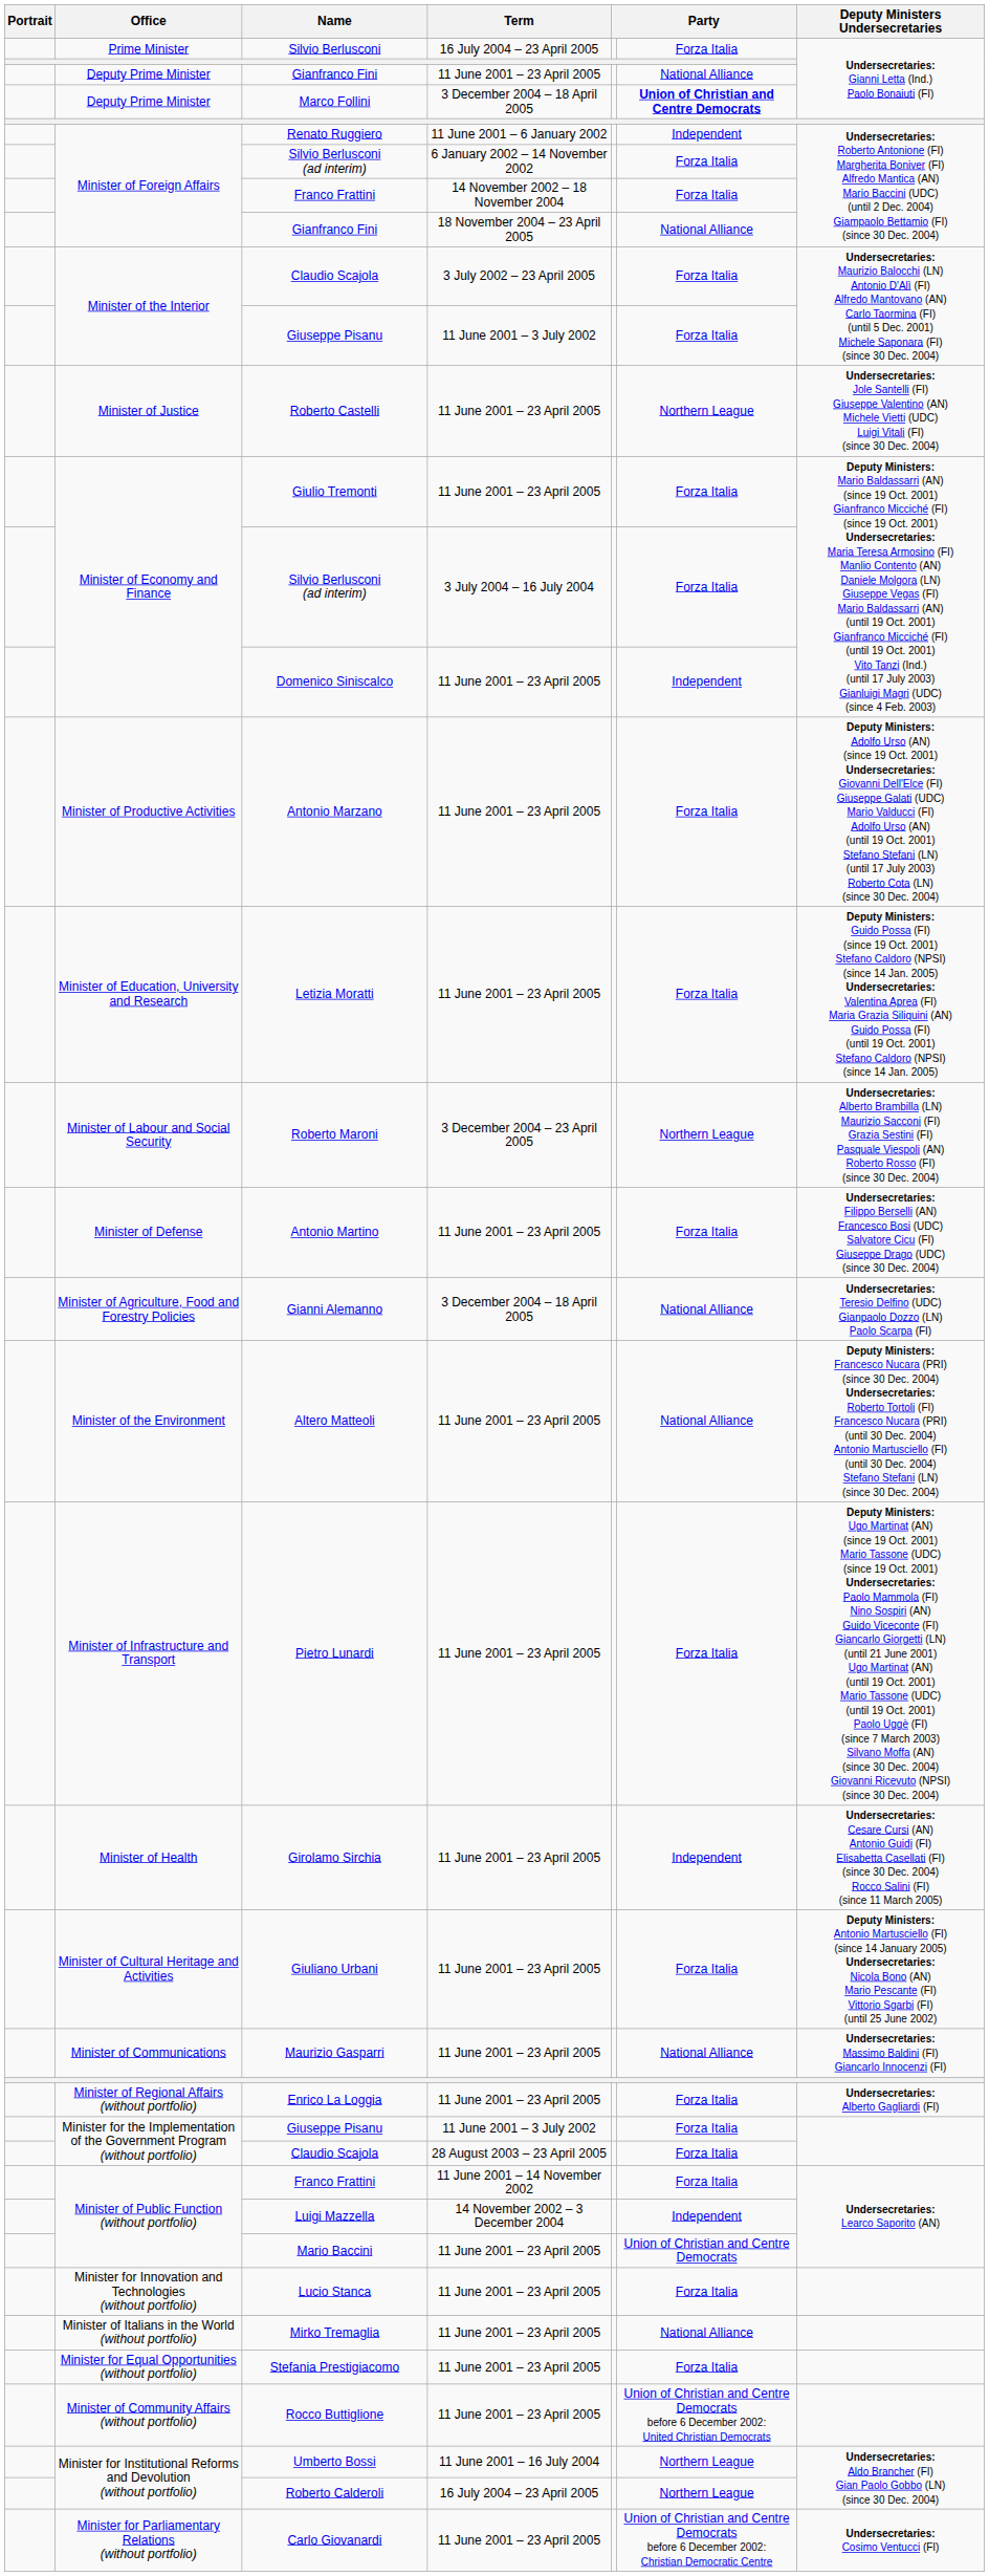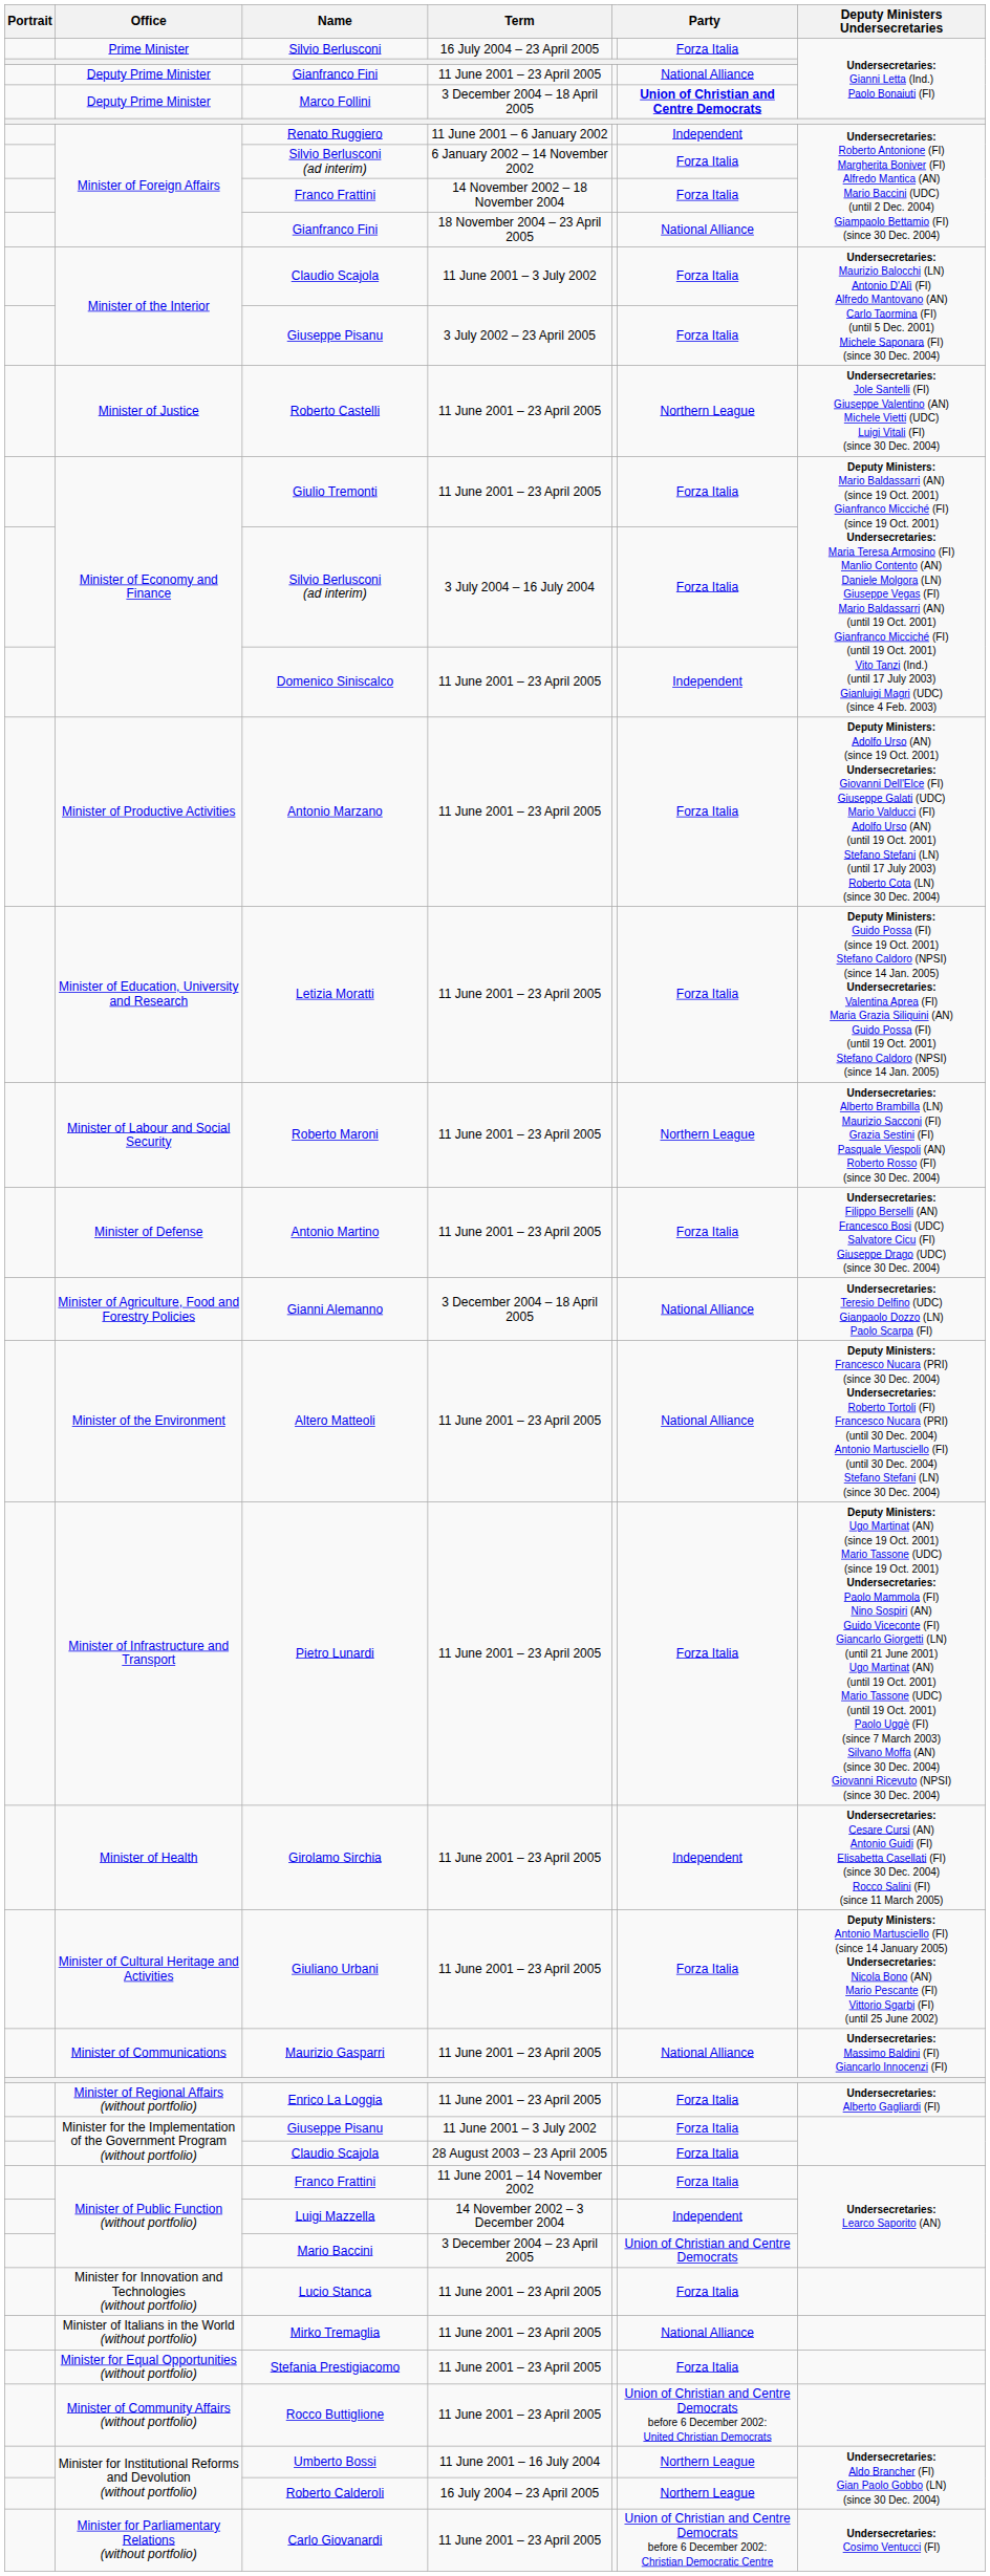 <table class="wikitable" style="text-align:center">
 <tr>
 <th>Portrait</th>
 <th width=20%>Office</th>
 <th width=20%>Name</th>
 <th width=20%>Term</th>
 <th width=20% colspan=2>Party</th>
 <th width=20%>Deputy Ministers<br>Undersecretaries</th>
 </tr>
 <tr>
 <td></td>
 <td><a href='#'>Prime Minister</a></td>
 <td><a href='#'>Silvio Berlusconi</a></td>
 <td>16 July 2004 – 23 April 2005</td>
 <td style="width:1px;; background:"></td>
 <td><a href='#'>Forza Italia</a></td>
 <td rowspan="4"><small><strong>Undersecretaries:</strong> <br><a href='#'>Gianni Letta</a> (Ind.) <br><a href='#'>Paolo Bonaiuti</a> (FI)</small></td>
 </tr>
 <tr>
 <th colspan="6"></th>
 </tr>
 <tr>
 <td></td>
 <td><a href='#'>Deputy Prime Minister</a></td>
 <td><a href='#'>Gianfranco Fini</a></td>
 <td>11 June 2001 – 23 April 2005</td>
 <td style="width:1px;; background:"></td>
 <td><a href='#'>National Alliance</a></td>
 </tr>
 <tr>
 <td></td>
 <td><a href='#'>Deputy Prime Minister</a></td>
 <td><a href='#'>Marco Follini</a></td>
 <td>3 December 2004 – 18 April 2005</td>
 <td style="width:1px;; background:"></td>
 <td><strong><a href='#'>Union of Christian and Centre Democrats</a></strong></td>
 </tr>
 <tr>
 <th colspan="7"></th>
 </tr>
 <tr>
 <td></td>
 <td rowspan=4><a href='#'>Minister of Foreign Affairs</a></td>
 <td><a href='#'>Renato Ruggiero</a></td>
 <td>11 June 2001 – 6 January 2002</td>
 <td style="width:1px;; background:"></td>
 <td><a href='#'>Independent</a></td>
 <td rowspan=4><small><strong>Undersecretaries:</strong> <br><a href='#'>Roberto Antonione</a> (FI)<br> <a href='#'>Margherita Boniver</a> (FI)<br> <a href='#'>Alfredo Mantica</a> (AN)<br> <a href='#'>Mario Baccini</a> (UDC)<br>(until 2 Dec. 2004)<br> <a href='#'>Giampaolo Bettamio</a> (FI)<br>(since 30 Dec. 2004)</small></td>
 </tr>
 <tr>
 <td></td>
 <td><a href='#'>Silvio Berlusconi</a><br><em>(ad interim)</em></td>
 <td>6 January 2002 – 14 November 2002</td>
 <td style="width:1px;; background:"></td>
 <td><a href='#'>Forza Italia</a></td>
 </tr>
 <tr>
 <td></td>
 <td><a href='#'>Franco Frattini</a></td>
 <td>14 November 2002 – 18 November 2004</td>
 <td style="width:1px;; background:"></td>
 <td><a href='#'>Forza Italia</a></td>
 </tr>
 <tr>
 <td></td>
 <td><a href='#'>Gianfranco Fini</a></td>
 <td>18 November 2004 – 23 April 2005</td>
 <td style="width:1px;; background:"></td>
 <td><a href='#'>National Alliance</a></td>
 </tr>
 <tr>
 <td></td>
 <td rowspan=2><a href='#'>Minister of the Interior</a></td>
 <td><a href='#'>Claudio Scajola</a></td>
-<td>3 July 2002 – 23 April 2005</td>
+<td>11 June 2001 – 3 July 2002</td>
 <td style="width:1px;; background:"></td>
 <td><a href='#'>Forza Italia</a></td>
 <td rowspan=2><small><strong>Undersecretaries:</strong> <br><a href='#'>Maurizio Balocchi</a> (LN)<br> <a href='#'>Antonio D'Alì</a> (FI)<br> <a href='#'>Alfredo Mantovano</a> (AN)<br> <a href='#'>Carlo Taormina</a> (FI)<br>(until 5 Dec. 2001)<br> <a href='#'>Michele Saponara</a> (FI)<br>(since 30 Dec. 2004)</small></td>
 </tr>
 <tr>
 <td></td>
 <td><a href='#'>Giuseppe Pisanu</a></td>
-<td>11 June 2001 – 3 July 2002</td>
+<td>3 July 2002 – 23 April 2005</td>
 <td style="width:1px;; background:"></td>
 <td><a href='#'>Forza Italia</a></td>
 </tr>
 <tr>
 <td></td>
 <td><a href='#'>Minister of Justice</a></td>
 <td><a href='#'>Roberto Castelli</a></td>
 <td>11 June 2001 – 23 April 2005</td>
 <td style="width:1px;; background:"></td>
 <td><a href='#'>Northern League</a></td>
 <td><small><strong>Undersecretaries:</strong> <br><a href='#'>Jole Santelli</a> (FI)<br> <a href='#'>Giuseppe Valentino</a> (AN)<br> <a href='#'>Michele Vietti</a> (UDC)<br> <a href='#'>Luigi Vitali</a> (FI)<br>(since 30 Dec. 2004)</small></td>
 </tr>
 <tr>
 <td></td>
 <td rowspan=3><a href='#'>Minister of Economy and Finance</a></td>
 <td><a href='#'>Giulio Tremonti</a></td>
 <td>11 June 2001 – 23 April 2005</td>
 <td style="width:1px;; background:"></td>
 <td><a href='#'>Forza Italia</a></td>
 <td rowspan=3><small><strong>Deputy Ministers:</strong> <br><a href='#'>Mario Baldassarri</a> (AN)<br>(since 19 Oct. 2001)<br> <a href='#'>Gianfranco Micciché</a> (FI)<br>(since 19 Oct. 2001)<br><strong>Undersecretaries:</strong> <br><a href='#'>Maria Teresa Armosino</a> (FI)<br> <a href='#'>Manlio Contento</a> (AN)<br> <a href='#'>Daniele Molgora</a> (LN)<br> <a href='#'>Giuseppe Vegas</a> (FI)<br><a href='#'>Mario Baldassarri</a> (AN)<br>(until 19 Oct. 2001)<br> <a href='#'>Gianfranco Micciché</a> (FI)<br>(until 19 Oct. 2001)<br> <a href='#'>Vito Tanzi</a> (Ind.)<br>(until 17 July 2003)<br> <a href='#'>Gianluigi Magri</a> (UDC)<br>(since 4 Feb. 2003)</small></td>
 </tr>
 <tr>
 <td></td>
 <td><a href='#'>Silvio Berlusconi</a><br><em>(ad interim)</em></td>
 <td>3 July 2004 – 16 July 2004</td>
 <td style="width:1px;; background:"></td>
 <td><a href='#'>Forza Italia</a></td>
 </tr>
 <tr>
 <td></td>
 <td><a href='#'>Domenico Siniscalco</a></td>
 <td>11 June 2001 – 23 April 2005</td>
 <td style="width:1px;; background:"></td>
 <td><a href='#'>Independent</a></td>
 </tr>
 <tr>
 <td></td>
 <td><a href='#'>Minister of Productive Activities</a></td>
 <td><a href='#'>Antonio Marzano</a></td>
 <td>11 June 2001 – 23 April 2005</td>
 <td style="width:1px;; background:"></td>
 <td><a href='#'>Forza Italia</a></td>
 <td><small><strong>Deputy Ministers:</strong> <br><a href='#'>Adolfo Urso</a> (AN)<br>(since 19 Oct. 2001)<br><strong>Undersecretaries:</strong> <br><a href='#'>Giovanni Dell'Elce</a> (FI)<br> <a href='#'>Giuseppe Galati</a> (UDC)<br> <a href='#'>Mario Valducci</a> (FI)<br><a href='#'>Adolfo Urso</a> (AN)<br>(until 19 Oct. 2001)<br> <a href='#'>Stefano Stefani</a> (LN)<br>(until 17 July 2003)<br> <a href='#'>Roberto Cota</a> (LN)<br>(since 30 Dec. 2004)</small></td>
 </tr>
 <tr>
 <td></td>
 <td><a href='#'>Minister of Education, University and Research</a></td>
 <td><a href='#'>Letizia Moratti</a></td>
 <td>11 June 2001 – 23 April 2005</td>
 <td style="width:1px;; background:"></td>
 <td><a href='#'>Forza Italia</a></td>
 <td><small><strong>Deputy Ministers:</strong> <br><a href='#'>Guido Possa</a> (FI)<br>(since 19 Oct. 2001)<br> <a href='#'>Stefano Caldoro</a> (NPSI)<br>(since 14 Jan. 2005)<br><strong>Undersecretaries:</strong> <br><a href='#'>Valentina Aprea</a> (FI)<br> <a href='#'>Maria Grazia Siliquini</a> (AN)<br> <a href='#'>Guido Possa</a> (FI)<br>(until 19 Oct. 2001)<br> <a href='#'>Stefano Caldoro</a> (NPSI)<br>(since 14 Jan. 2005)</small></td>
 </tr>
 <tr>
 <td></td>
 <td><a href='#'>Minister of Labour and Social Security</a></td>
 <td><a href='#'>Roberto Maroni</a></td>
-<td>3 December 2004 – 23 April 2005</td>
+<td>11 June 2001 – 23 April 2005</td>
 <td style="width:1px;; background:"></td>
 <td><a href='#'>Northern League</a></td>
 <td><small><strong>Undersecretaries:</strong> <br><a href='#'>Alberto Brambilla</a> (LN)<br> <a href='#'>Maurizio Sacconi</a> (FI)<br> <a href='#'>Grazia Sestini</a> (FI)<br> <a href='#'>Pasquale Viespoli</a> (AN)<br> <a href='#'>Roberto Rosso</a> (FI)<br>(since 30 Dec. 2004)</small></td>
 </tr>
 <tr>
 <td></td>
 <td><a href='#'>Minister of Defense</a></td>
 <td><a href='#'>Antonio Martino</a></td>
 <td>11 June 2001 – 23 April 2005</td>
 <td style="width:1px;; background:"></td>
 <td><a href='#'>Forza Italia</a></td>
 <td><small><strong>Undersecretaries:</strong> <br><a href='#'>Filippo Berselli</a> (AN)<br> <a href='#'>Francesco Bosi</a> (UDC)<br> <a href='#'>Salvatore Cicu</a> (FI)<br> <a href='#'>Giuseppe Drago</a> (UDC)<br>(since 30 Dec. 2004)</small></td>
 </tr>
 <tr>
 <td></td>
 <td><a href='#'>Minister of Agriculture, Food and Forestry Policies</a></td>
 <td><a href='#'>Gianni Alemanno</a></td>
 <td>3 December 2004 – 18 April 2005</td>
 <td style="width:1px;; background:"></td>
 <td><a href='#'>National Alliance</a></td>
 <td><small><strong>Undersecretaries:</strong> <br><a href='#'>Teresio Delfino</a> (UDC)<br> <a href='#'>Gianpaolo Dozzo</a> (LN)<br> <a href='#'>Paolo Scarpa</a> (FI)</small></td>
 </tr>
 <tr>
 <td></td>
 <td><a href='#'>Minister of the Environment</a></td>
 <td><a href='#'>Altero Matteoli</a></td>
 <td>11 June 2001 – 23 April 2005</td>
 <td style="width:1px;; background:"></td>
 <td><a href='#'>National Alliance</a></td>
 <td><small><strong>Deputy Ministers:</strong> <br><a href='#'>Francesco Nucara</a> (PRI)<br>(since 30 Dec. 2004)<br><strong>Undersecretaries:</strong> <br><a href='#'>Roberto Tortoli</a> (FI)<br><a href='#'>Francesco Nucara</a> (PRI)<br>(until 30 Dec. 2004)<br> <a href='#'>Antonio Martusciello</a> (FI)<br>(until 30 Dec. 2004)<br> <a href='#'>Stefano Stefani</a> (LN)<br>(since 30 Dec. 2004)</small></td>
 </tr>
 <tr>
 <td></td>
 <td><a href='#'>Minister of Infrastructure and Transport</a></td>
 <td><a href='#'>Pietro Lunardi</a></td>
 <td>11 June 2001 – 23 April 2005</td>
 <td style="width:1px;; background:"></td>
 <td><a href='#'>Forza Italia</a></td>
 <td><small><strong>Deputy Ministers:</strong> <br><a href='#'>Ugo Martinat</a> (AN)<br>(since 19 Oct. 2001)<br> <a href='#'>Mario Tassone</a> (UDC)<br>(since 19 Oct. 2001)<br><strong>Undersecretaries:</strong> <br><a href='#'>Paolo Mammola</a> (FI)<br> <a href='#'>Nino Sospiri</a> (AN)<br> <a href='#'>Guido Viceconte</a> (FI)<br> <a href='#'>Giancarlo Giorgetti</a> (LN)<br>(until 21 June 2001)<br><a href='#'>Ugo Martinat</a> (AN)<br>(until 19 Oct. 2001)<br> <a href='#'>Mario Tassone</a> (UDC)<br>(until 19 Oct. 2001)<br> <a href='#'>Paolo Uggè</a> (FI)<br>(since 7 March 2003)<br> <a href='#'>Silvano Moffa</a> (AN)<br>(since 30 Dec. 2004)<br> <a href='#'>Giovanni Ricevuto</a> (NPSI)<br>(since 30 Dec. 2004)</small></td>
 </tr>
 <tr>
 <td></td>
 <td><a href='#'>Minister of Health</a></td>
 <td><a href='#'>Girolamo Sirchia</a></td>
 <td>11 June 2001 – 23 April 2005</td>
 <td style="width:1px;; background:"></td>
 <td><a href='#'>Independent</a></td>
 <td><small><strong>Undersecretaries:</strong> <br><a href='#'>Cesare Cursi</a> (AN)<br> <a href='#'>Antonio Guidi</a> (FI)<br> <a href='#'>Elisabetta Casellati</a> (FI)<br>(since 30 Dec. 2004)<br> <a href='#'>Rocco Salini</a> (FI)<br>(since 11 March 2005)</small></td>
 </tr>
 <tr>
 <td></td>
 <td><a href='#'>Minister of Cultural Heritage and Activities</a></td>
 <td><a href='#'>Giuliano Urbani</a></td>
 <td>11 June 2001 – 23 April 2005</td>
 <td style="width:1px;; background:"></td>
 <td><a href='#'>Forza Italia</a></td>
 <td><small><strong>Deputy Ministers:</strong> <br><a href='#'>Antonio Martusciello</a> (FI)<br>(since 14 January 2005)<br><strong>Undersecretaries:</strong> <br><a href='#'>Nicola Bono</a> (AN)<br> <a href='#'>Mario Pescante</a> (FI)<br> <a href='#'>Vittorio Sgarbi</a> (FI)<br>(until 25 June 2002)</small></td>
 </tr>
 <tr>
 <td></td>
 <td><a href='#'>Minister of Communications</a></td>
 <td><a href='#'>Maurizio Gasparri</a></td>
 <td>11 June 2001 – 23 April 2005</td>
 <td style="width:1px;; background:"></td>
 <td><a href='#'>National Alliance</a></td>
 <td><small><strong>Undersecretaries:</strong> <br><a href='#'>Massimo Baldini</a> (FI)<br> <a href='#'>Giancarlo Innocenzi</a> (FI)</small></td>
 </tr>
 <tr>
 <th colspan="7"></th>
 </tr>
 <tr>
 <td></td>
 <td><a href='#'>Minister of Regional Affairs</a> <br> <em>(without portfolio)</em></td>
 <td><a href='#'>Enrico La Loggia</a></td>
 <td>11 June 2001 – 23 April 2005</td>
 <td style="width:1px;; background:"></td>
 <td><a href='#'>Forza Italia</a></td>
 <td><small><strong>Undersecretaries:</strong> <br><a href='#'>Alberto Gagliardi</a> (FI)</small></td>
 </tr>
 <tr>
 <td></td>
 <td rowspan=2>Minister for the Implementation of the Government Program <br> <em>(without portfolio)</em></td>
 <td><a href='#'>Giuseppe Pisanu</a></td>
 <td>11 June 2001 – 3 July 2002</td>
 <td style="width:1px;; background:"></td>
 <td><a href='#'>Forza Italia</a></td>
 <td rowspan=2></td>
 </tr>
 <tr>
 <td></td>
 <td><a href='#'>Claudio Scajola</a></td>
 <td>28 August 2003 – 23 April 2005</td>
 <td style="width:1px;; background:"></td>
 <td><a href='#'>Forza Italia</a></td>
 </tr>
 <tr>
 <td></td>
 <td rowspan=3><a href='#'>Minister of Public Function</a> <br> <em>(without portfolio)</em></td>
 <td><a href='#'>Franco Frattini</a></td>
 <td>11 June 2001 – 14 November 2002</td>
 <td style="width:1px;; background:"></td>
 <td><a href='#'>Forza Italia</a></td>
 <td rowspan=3><small><strong>Undersecretaries:</strong> <br><a href='#'>Learco Saporito</a> (AN)</small></td>
 </tr>
 <tr>
 <td></td>
 <td><a href='#'>Luigi Mazzella</a></td>
 <td>14 November 2002 – 3 December 2004</td>
 <td style="width:1px;; background:"></td>
 <td><a href='#'>Independent</a></td>
 </tr>
 <tr>
 <td></td>
 <td><a href='#'>Mario Baccini</a></td>
-<td>11 June 2001 – 23 April 2005</td>
+<td>3 December 2004 – 23 April 2005</td>
 <td style="width:1px;; background:"></td>
 <td><a href='#'>Union of Christian and Centre Democrats</a></td>
 </tr>
 <tr>
 <td></td>
 <td>Minister for Innovation and Technologies <br> <em>(without portfolio)</em></td>
 <td><a href='#'>Lucio Stanca</a></td>
 <td>11 June 2001 – 23 April 2005</td>
 <td style="width:1px;; background:"></td>
 <td><a href='#'>Forza Italia</a></td>
 <td></td>
 </tr>
 <tr>
 <td></td>
 <td>Minister of Italians in the World <br> <em>(without portfolio)</em></td>
 <td><a href='#'>Mirko Tremaglia</a></td>
 <td>11 June 2001 – 23 April 2005</td>
 <td style="width:1px;; background:"></td>
 <td><a href='#'>National Alliance</a></td>
 <td></td>
 </tr>
 <tr>
 <td></td>
 <td><a href='#'>Minister for Equal Opportunities</a> <br> <em>(without portfolio)</em></td>
 <td><a href='#'>Stefania Prestigiacomo</a></td>
 <td>11 June 2001 – 23 April 2005</td>
 <td style="width:1px;; background:"></td>
 <td><a href='#'>Forza Italia</a></td>
 <td></td>
 </tr>
 <tr>
 <td></td>
 <td><a href='#'>Minister of Community Affairs</a> <br> <em>(without portfolio)</em></td>
 <td><a href='#'>Rocco Buttiglione</a></td>
 <td>11 June 2001 – 23 April 2005</td>
 <td style="width:1px;; background:"></td>
 <td><a href='#'>Union of Christian and Centre Democrats</a><br><small>before 6 December 2002:<br><a href='#'>United Christian Democrats</a></small></td>
 <td></td>
 </tr>
 <tr>
 <td></td>
 <td rowspan=2>Minister for Institutional Reforms and Devolution <br> <em>(without portfolio)</em></td>
 <td><a href='#'>Umberto Bossi</a></td>
 <td>11 June 2001 – 16 July 2004</td>
 <td style="width:1px;; background:"></td>
 <td><a href='#'>Northern League</a></td>
 <td rowspan=2><small><strong>Undersecretaries:</strong> <br><a href='#'>Aldo Brancher</a> (FI)<br><a href='#'>Gian Paolo Gobbo</a> (LN)<br>(since 30 Dec. 2004)</small></td>
 </tr>
 <tr>
 <td></td>
 <td><a href='#'>Roberto Calderoli</a></td>
 <td>16 July 2004 – 23 April 2005</td>
 <td style="width:1px;; background:"></td>
 <td><a href='#'>Northern League</a></td>
 </tr>
 <tr>
 <td></td>
 <td><a href='#'>Minister for Parliamentary Relations</a> <br> <em>(without portfolio)</em></td>
 <td><a href='#'>Carlo Giovanardi</a></td>
 <td>11 June 2001 – 23 April 2005</td>
 <td style="width:1px;; background:"></td>
 <td><a href='#'>Union of Christian and Centre Democrats</a><br><small>before 6 December 2002:<br><a href='#'>Christian Democratic Centre</a></small></td>
 <td><small><strong>Undersecretaries:</strong> <br><a href='#'>Cosimo Ventucci</a> (FI)</small></td>
 </tr>
 </table>
